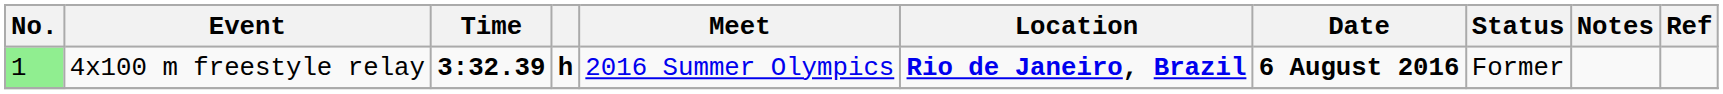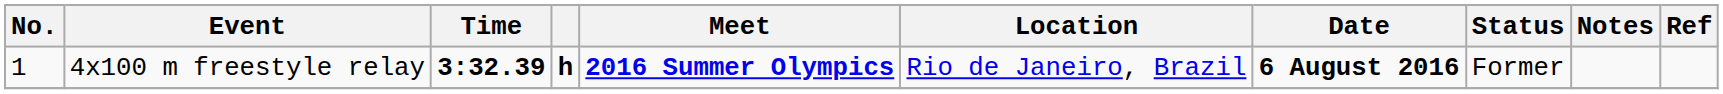 <table class="wikitable sortable">
 <tr>
 <th>No.</th>
 <th>Event</th>
 <th>Time</th>
 <th></th>
 <th>Meet</th>
 <th>Location</th>
 <th>Date</th>
 <th>Status</th>
 <th>Notes</th>
 <th>Ref</th>
 </tr>
 <tr>
-<td style="background: lightgreen;">1</td>
+<td>1</td>
 <td>4x100 m freestyle relay</td>
 <td align="center"><strong>3:32.39</strong></td>
 <td><strong>h</strong></td>
-<td><a href='#'>2016 Summer Olympics</a></td>
-<td><strong><a href='#'>Rio de Janeiro</a>, <a href='#'>Brazil</a></strong></td>
+<td><strong><a href='#'>2016 Summer Olympics</a></strong></td>
+<td><a href='#'>Rio de Janeiro</a>, <a href='#'>Brazil</a></td>
 <td align="center"><strong>6 August 2016</strong></td>
 <td align="center">Former</td>
 <td></td>
 <td align="center"></td>
 </tr>
 <tr>
 </tr>
 </table>
